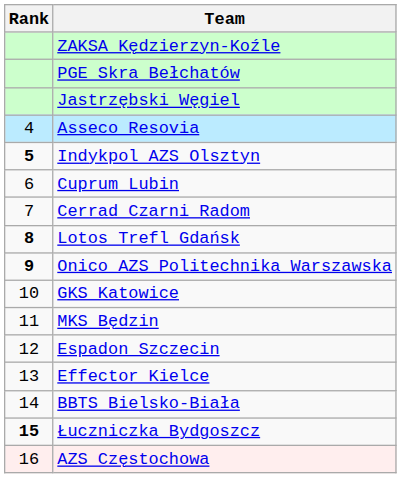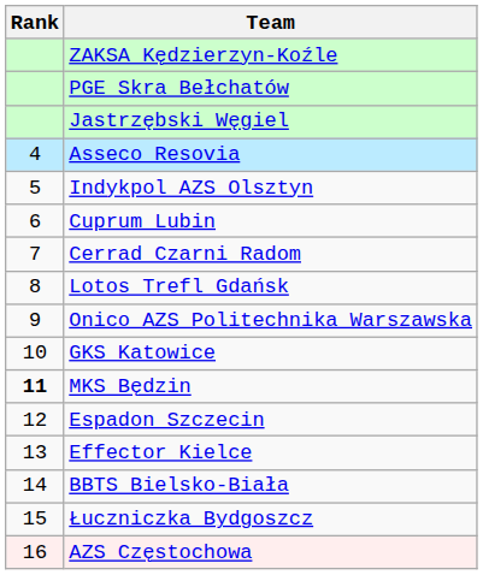 <table class="wikitable" style="white-space: nowrap; width:25%;">
 <tr>
 <th width=15%>Rank</th>
 <th>Team</th>
 </tr>
 <tr bgcolor=#CCFFCC>
 <td style="text-align:center;"></td>
 <td><a href='#'>ZAKSA Kędzierzyn-Koźle</a></td>
 </tr>
 <tr bgcolor=#CCFFCC>
 <td style="text-align:center;"></td>
 <td><a href='#'>PGE Skra Bełchatów</a></td>
 </tr>
 <tr bgcolor=#CCFFCC>
 <td style="text-align:center;"></td>
 <td><a href='#'>Jastrzębski Węgiel</a></td>
 </tr>
 <tr bgcolor=#BBEBFF>
 <td style="text-align:center;">4</td>
 <td><a href='#'>Asseco Resovia</a></td>
 </tr>
 <tr>
-<td style="text-align:center;"><strong>5</strong></td>
+<td style="text-align:center;">5</td>
 <td><a href='#'>Indykpol AZS Olsztyn</a></td>
 </tr>
 <tr>
 <td style="text-align:center;">6</td>
 <td><a href='#'>Cuprum Lubin</a></td>
 </tr>
 <tr>
 <td style="text-align:center;">7</td>
 <td><a href='#'>Cerrad Czarni Radom</a></td>
 </tr>
 <tr>
-<td style="text-align:center;"><strong>8</strong></td>
+<td style="text-align:center;">8</td>
 <td><a href='#'>Lotos Trefl Gdańsk</a></td>
 </tr>
 <tr>
-<td style="text-align:center;"><strong>9</strong></td>
+<td style="text-align:center;">9</td>
 <td><a href='#'>Onico AZS Politechnika Warszawska</a></td>
 </tr>
 <tr>
 <td style="text-align:center;">10</td>
 <td><a href='#'>GKS Katowice</a></td>
 </tr>
 <tr>
-<td style="text-align:center;">11</td>
+<td style="text-align:center;"><strong>11</strong></td>
 <td><a href='#'>MKS Będzin</a></td>
 </tr>
 <tr>
 <td style="text-align:center;">12</td>
 <td><a href='#'>Espadon Szczecin</a></td>
 </tr>
 <tr>
 <td style="text-align:center;">13</td>
 <td><a href='#'>Effector Kielce</a></td>
 </tr>
 <tr>
 <td style="text-align:center;">14</td>
 <td><a href='#'>BBTS Bielsko-Biała</a></td>
 </tr>
 <tr>
-<td style="text-align:center;"><strong>15</strong></td>
+<td style="text-align:center;">15</td>
 <td><a href='#'>Łuczniczka Bydgoszcz</a></td>
 </tr>
 <tr bgcolor=#FFEEEE>
 <td style="text-align:center;">16</td>
 <td><a href='#'>AZS Częstochowa</a></td>
 </tr>
 </table>
